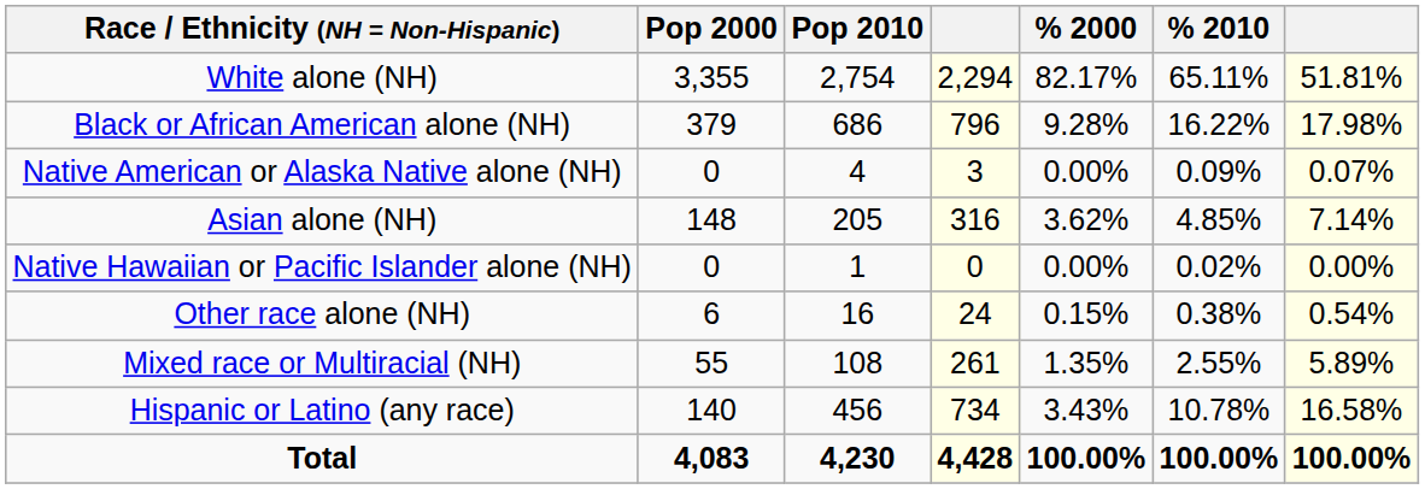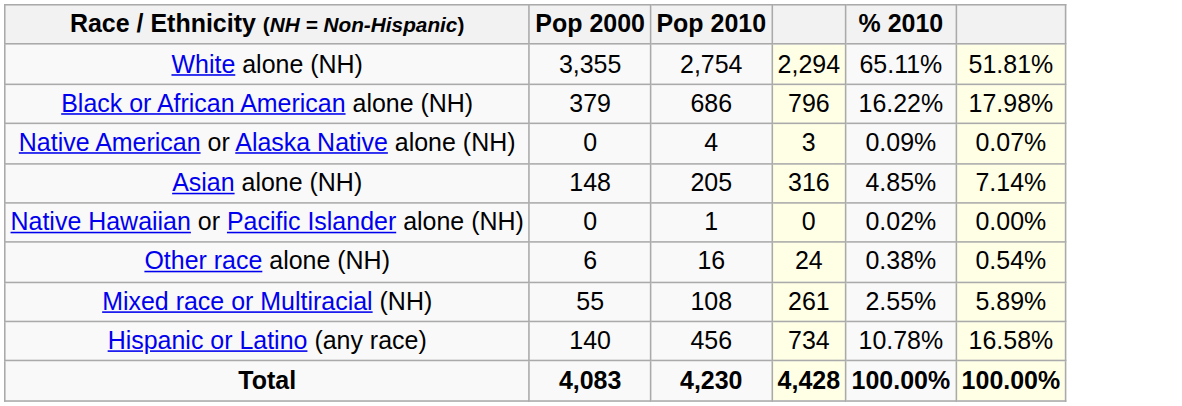 <table class="wikitable" style="text-align:center;">
 <tr>
 <th>Race / Ethnicity <small>(<em>NH = Non-Hispanic</em>)</small></th>
 <th>Pop 2000</th>
 <th>Pop 2010</th>
 <th></th>
-<th>% 2000</th>
 <th>% 2010</th>
 <th></th>
 </tr>
 <tr>
 <td><a href='#'>White</a> alone (NH)</td>
 <td>3,355</td>
 <td>2,754</td>
 <td style='background: #ffffe6;'>2,294</td>
-<td>82.17%</td>
 <td>65.11%</td>
 <td style='background: #ffffe6;'>51.81%</td>
 </tr>
 <tr>
 <td><a href='#'>Black or African American</a> alone (NH)</td>
 <td>379</td>
 <td>686</td>
 <td style='background: #ffffe6;'>796</td>
-<td>9.28%</td>
 <td>16.22%</td>
 <td style='background: #ffffe6;'>17.98%</td>
 </tr>
 <tr>
 <td><a href='#'>Native American</a> or <a href='#'>Alaska Native</a> alone (NH)</td>
 <td>0</td>
 <td>4</td>
 <td style='background: #ffffe6;'>3</td>
-<td>0.00%</td>
 <td>0.09%</td>
 <td style='background: #ffffe6;'>0.07%</td>
 </tr>
 <tr>
 <td><a href='#'>Asian</a> alone (NH)</td>
 <td>148</td>
 <td>205</td>
 <td style='background: #ffffe6;'>316</td>
-<td>3.62%</td>
 <td>4.85%</td>
 <td style='background: #ffffe6;'>7.14%</td>
 </tr>
 <tr>
 <td><a href='#'>Native Hawaiian</a> or <a href='#'>Pacific Islander</a> alone (NH)</td>
 <td>0</td>
 <td>1</td>
 <td style='background: #ffffe6;'>0</td>
-<td>0.00%</td>
 <td>0.02%</td>
 <td style='background: #ffffe6;'>0.00%</td>
 </tr>
 <tr>
 <td><a href='#'>Other race</a> alone (NH)</td>
 <td>6</td>
 <td>16</td>
 <td style='background: #ffffe6;'>24</td>
-<td>0.15%</td>
 <td>0.38%</td>
 <td style='background: #ffffe6;'>0.54%</td>
 </tr>
 <tr>
 <td><a href='#'>Mixed race or Multiracial</a> (NH)</td>
 <td>55</td>
 <td>108</td>
 <td style='background: #ffffe6;'>261</td>
-<td>1.35%</td>
 <td>2.55%</td>
 <td style='background: #ffffe6;'>5.89%</td>
 </tr>
 <tr>
 <td><a href='#'>Hispanic or Latino</a> (any race)</td>
 <td>140</td>
 <td>456</td>
 <td style='background: #ffffe6;'>734</td>
-<td>3.43%</td>
 <td>10.78%</td>
 <td style='background: #ffffe6;'>16.58%</td>
 </tr>
 <tr>
 <td><strong>Total</strong></td>
 <td><strong>4,083</strong></td>
 <td><strong>4,230</strong></td>
 <td style='background: #ffffe6;'><strong>4,428</strong></td>
 <td><strong>100.00%</strong></td>
-<td><strong>100.00%</strong></td>
 <td style='background: #ffffe6;'><strong>100.00%</strong></td>
 </tr>
 </table>
